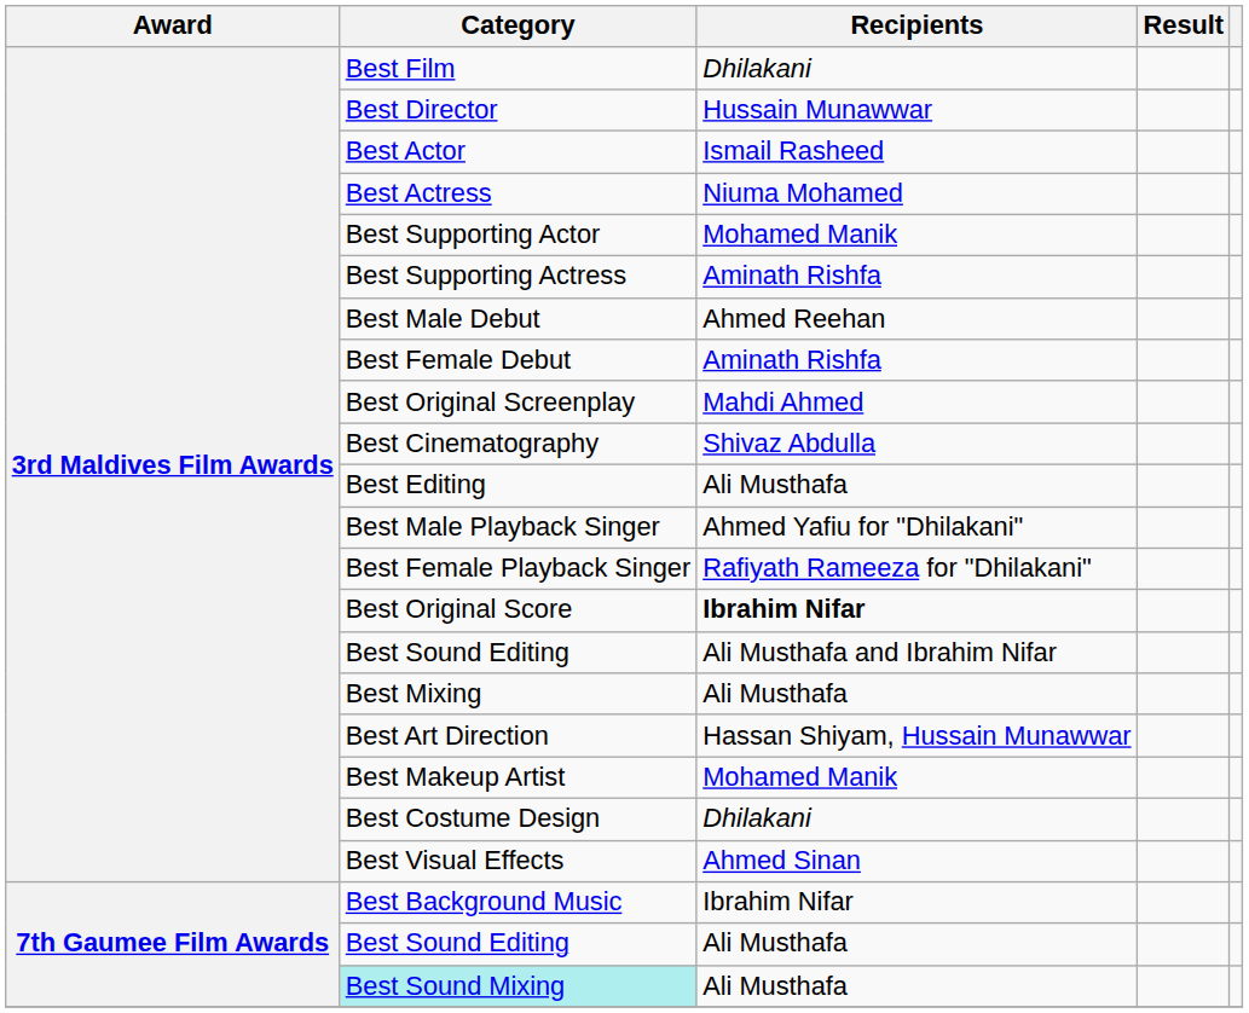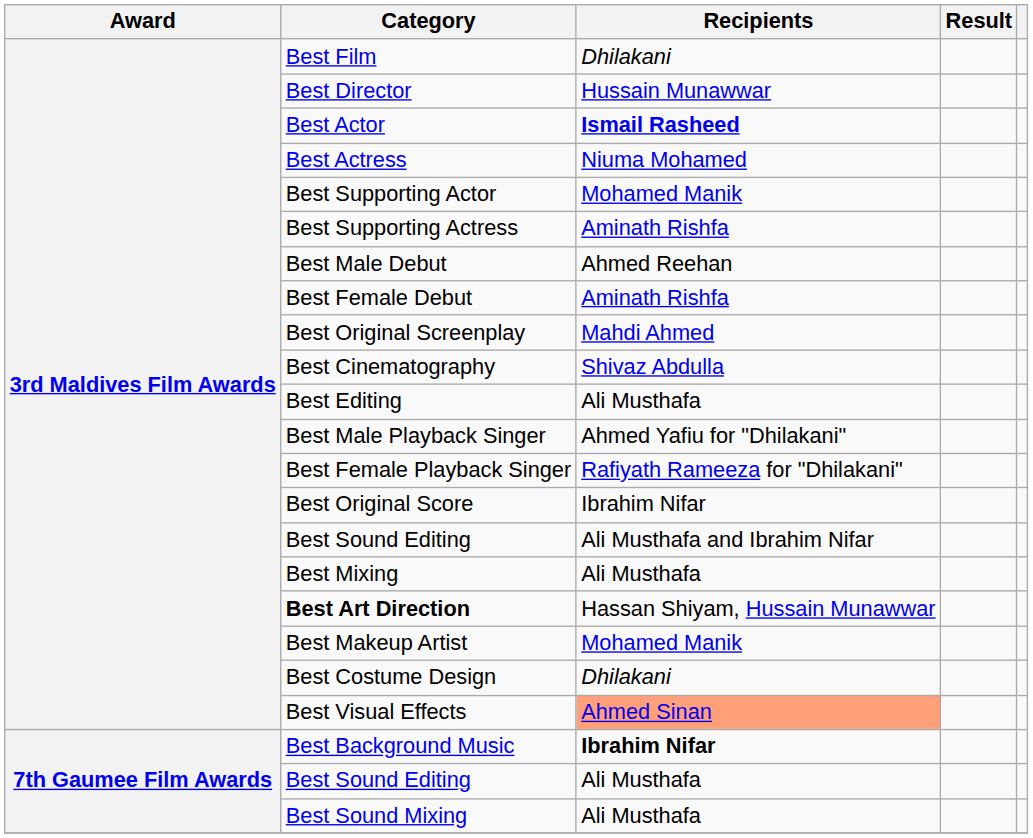 <table class="wikitable plainrowheaders sortable">
 <tr>
 <th scope="col">Award</th>
 <th scope="col">Category</th>
 <th scope="col">Recipients</th>
 <th scope="col">Result</th>
 <th scope="col" class="unsortable"></th>
 </tr>
 <tr>
 <th scope="row" rowspan="20"><a href='#'>3rd Maldives Film Awards</a></th>
 <td><a href='#'>Best Film</a></td>
 <td><em>Dhilakani</em></td>
 <td></td>
 <td style="text-align:center;"></td>
 </tr>
 <tr>
 <td><a href='#'>Best Director</a></td>
 <td><a href='#'>Hussain Munawwar</a></td>
 <td></td>
 <td style="text-align:center;"></td>
 </tr>
 <tr>
 <td><a href='#'>Best Actor</a></td>
-<td><a href='#'>Ismail Rasheed</a></td>
+<td><strong><a href='#'>Ismail Rasheed</a></strong></td>
 <td></td>
 <td style="text-align:center;"></td>
 </tr>
 <tr>
 <td><a href='#'>Best Actress</a></td>
 <td><a href='#'>Niuma Mohamed</a></td>
 <td></td>
 <td style="text-align:center;"></td>
 </tr>
 <tr>
 <td>Best Supporting Actor</td>
 <td><a href='#'>Mohamed Manik</a></td>
 <td></td>
 <td style="text-align:center;"></td>
 </tr>
 <tr>
 <td>Best Supporting Actress</td>
 <td><a href='#'>Aminath Rishfa</a></td>
 <td></td>
 <td style="text-align:center;"></td>
 </tr>
 <tr>
 <td>Best Male Debut</td>
 <td>Ahmed Reehan</td>
 <td></td>
 <td style="text-align:center;"></td>
 </tr>
 <tr>
 <td>Best Female Debut</td>
 <td><a href='#'>Aminath Rishfa</a></td>
 <td></td>
 <td style="text-align:center;"></td>
 </tr>
 <tr>
 <td>Best Original Screenplay</td>
 <td><a href='#'>Mahdi Ahmed</a></td>
 <td></td>
 <td style="text-align:center;"></td>
 </tr>
 <tr>
 <td>Best Cinematography</td>
 <td><a href='#'>Shivaz Abdulla</a></td>
 <td></td>
 <td style="text-align:center;"></td>
 </tr>
 <tr>
 <td>Best Editing</td>
 <td>Ali Musthafa</td>
 <td></td>
 <td style="text-align:center;"></td>
 </tr>
 <tr>
 <td>Best Male Playback Singer</td>
 <td>Ahmed Yafiu for "Dhilakani"</td>
 <td></td>
 <td style="text-align:center;"></td>
 </tr>
 <tr>
 <td>Best Female Playback Singer</td>
 <td><a href='#'>Rafiyath Rameeza</a> for "Dhilakani"</td>
 <td></td>
 <td style="text-align:center;"></td>
 </tr>
 <tr>
 <td>Best Original Score</td>
-<td><strong>Ibrahim Nifar</strong></td>
+<td>Ibrahim Nifar</td>
 <td></td>
 <td style="text-align:center;"></td>
 </tr>
 <tr>
 <td>Best Sound Editing</td>
 <td>Ali Musthafa and Ibrahim Nifar</td>
 <td></td>
 <td style="text-align:center;"></td>
 </tr>
 <tr>
 <td>Best Mixing</td>
 <td>Ali Musthafa</td>
 <td></td>
 <td style="text-align:center;"></td>
 </tr>
 <tr>
-<td>Best Art Direction</td>
+<td><strong>Best Art Direction</strong></td>
 <td>Hassan Shiyam, <a href='#'>Hussain Munawwar</a></td>
 <td></td>
 <td style="text-align:center;"></td>
 </tr>
 <tr>
 <td>Best Makeup Artist</td>
 <td><a href='#'>Mohamed Manik</a></td>
 <td></td>
 <td style="text-align:center;"></td>
 </tr>
 <tr>
 <td>Best Costume Design</td>
 <td><em>Dhilakani</em></td>
 <td></td>
 <td style="text-align:center;"></td>
 </tr>
 <tr>
 <td>Best Visual Effects</td>
-<td><a href='#'>Ahmed Sinan</a></td>
+<td style="background: lightsalmon;"><a href='#'>Ahmed Sinan</a></td>
 <td></td>
 <td style="text-align:center;"></td>
 </tr>
 <tr>
 <th scope="row" rowspan="3"><a href='#'>7th Gaumee Film Awards</a></th>
 <td><a href='#'>Best Background Music</a></td>
-<td>Ibrahim Nifar</td>
+<td><strong>Ibrahim Nifar</strong></td>
 <td></td>
 <td style="text-align:center;"></td>
 </tr>
 <tr>
 <td><a href='#'>Best Sound Editing</a></td>
 <td>Ali Musthafa</td>
 <td></td>
 <td style="text-align:center;"></td>
 </tr>
 <tr>
-<td style="background: paleturquoise;"><a href='#'>Best Sound Mixing</a></td>
+<td><a href='#'>Best Sound Mixing</a></td>
 <td>Ali Musthafa</td>
 <td></td>
 <td style="text-align:center;"></td>
 </tr>
 <tr>
 </tr>
 </table>
